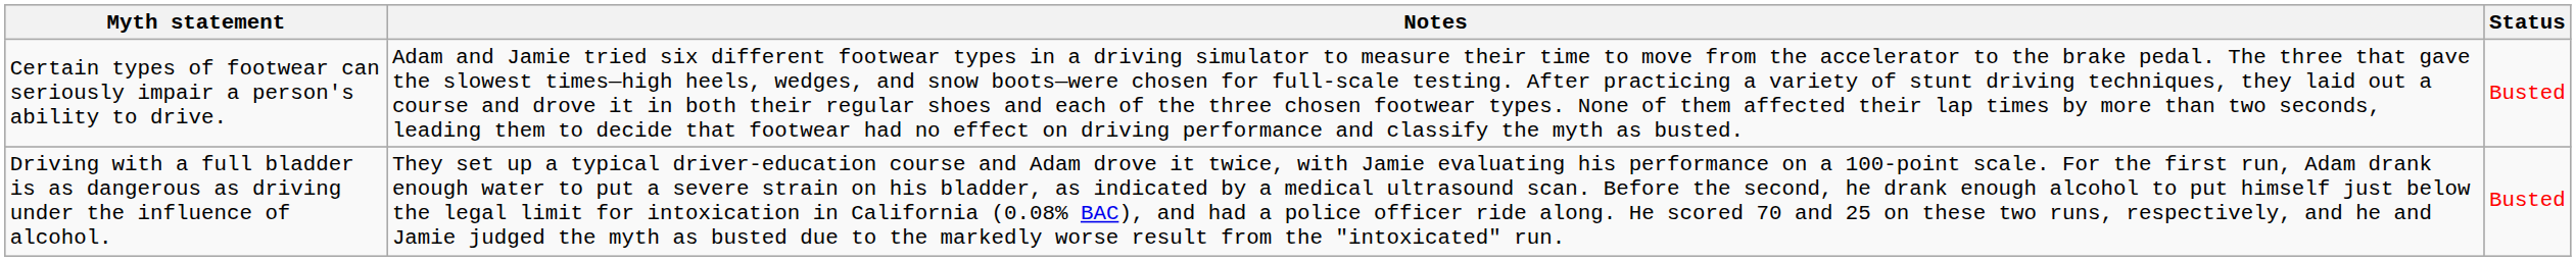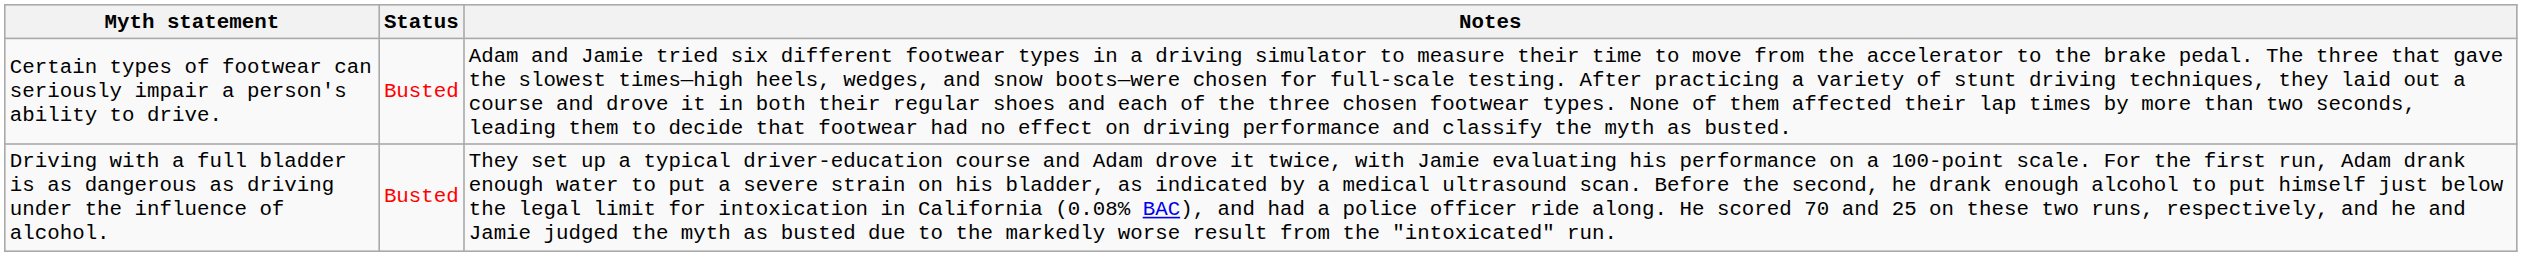 <table class="wikitable plainrowheaders">
 <tr>
 <th>Myth statement</th>
+<th>Status</th>
 <th>Notes</th>
-<th>Status</th>
 </tr>
 <tr>
 <td>Certain types of footwear can seriously impair a person's ability to drive.</td>
+<td style="color:red">Busted</td>
 <td>Adam and Jamie tried six different footwear types in a driving simulator to measure their time to move from the accelerator to the brake pedal. The three that gave the slowest times—high heels, wedges, and snow boots—were chosen for full-scale testing. After practicing a variety of stunt driving techniques, they laid out a course and drove it in both their regular shoes and each of the three chosen footwear types. None of them affected their lap times by more than two seconds, leading them to decide that footwear had no effect on driving performance and classify the myth as busted.</td>
-<td style="color:red">Busted</td>
 </tr>
 <tr>
 <td>Driving with a full bladder is as dangerous as driving under the influence of alcohol.</td>
+<td style="color:red">Busted</td>
 <td>They set up a typical driver-education course and Adam drove it twice, with Jamie evaluating his performance on a 100-point scale. For the first run, Adam drank enough water to put a severe strain on his bladder, as indicated by a medical ultrasound scan. Before the second, he drank enough alcohol to put himself just below the legal limit for intoxication in California (0.08% <a href='#'>BAC</a>), and had a police officer ride along. He scored 70 and 25 on these two runs, respectively, and he and Jamie judged the myth as busted due to the markedly worse result from the "intoxicated" run.</td>
-<td style="color:red">Busted</td>
 </tr>
 </table>
